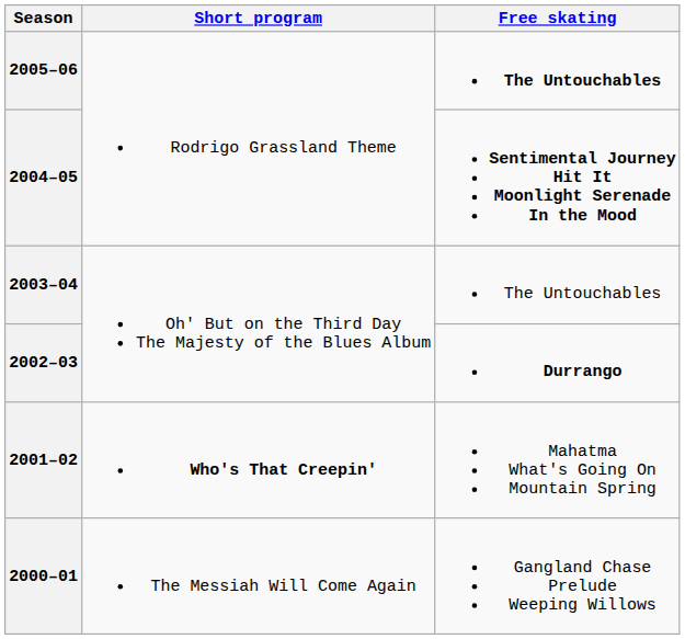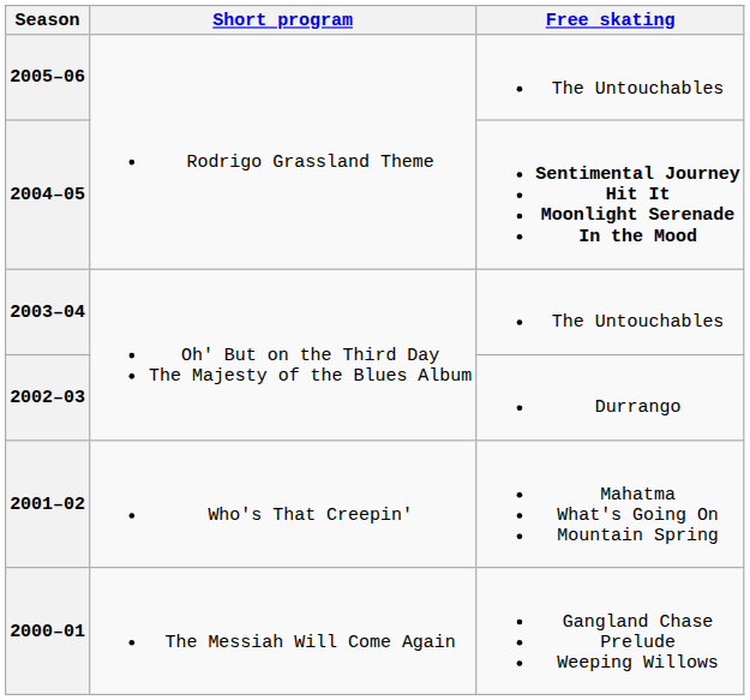 <table class=wikitable style=text-align:center>
 <tr>
 <th>Season</th>
 <th><a href='#'>Short program</a></th>
 <th><a href='#'>Free skating</a></th>
 </tr>
 <tr>
 <th>2005–06 <br> </th>
 <td rowspan=2><br><ul><li>Rodrigo Grassland Theme</li></ul></td>
-<td><strong><br><ul><li>The Untouchables <br></li></ul></strong></td>
+<td><br><ul><li>The Untouchables <br></li></ul></td>
 </tr>
 <tr>
 <th>2004–05 <br> </th>
 <td><strong><br><ul><li>Sentimental Journey</li><li>Hit It</li><li>Moonlight Serenade</li><li>In the Mood <br></li></ul></strong></td>
 </tr>
 <tr>
 <th>2003–04 <br> </th>
 <td rowspan=2><br><ul><li>Oh' But on the Third Day</li><li>The Majesty of the Blues Album <br></li></ul></td>
 <td><br><ul><li>The Untouchables <br></li></ul></td>
 </tr>
 <tr>
 <th>2002–03 <br> </th>
-<td><strong><br><ul><li>Durrango <br></li></ul></strong></td>
+<td><br><ul><li>Durrango <br></li></ul></td>
 </tr>
 <tr>
 <th>2001–02 <br> </th>
-<td><strong><br><ul><li>Who's That Creepin' <br></li></ul></strong></td>
+<td><br><ul><li>Who's That Creepin' <br></li></ul></td>
 <td><br><ul><li>Mahatma <br></li><li>What's Going On <br></li><li>Mountain Spring <br></li></ul></td>
 </tr>
 <tr>
 <th>2000–01 <br> </th>
 <td><br><ul><li>The Messiah Will Come Again <br></li></ul></td>
 <td><br><ul><li>Gangland Chase <br></li><li>Prelude <br></li><li>Weeping Willows <br></li></ul></td>
 </tr>
 </table>
